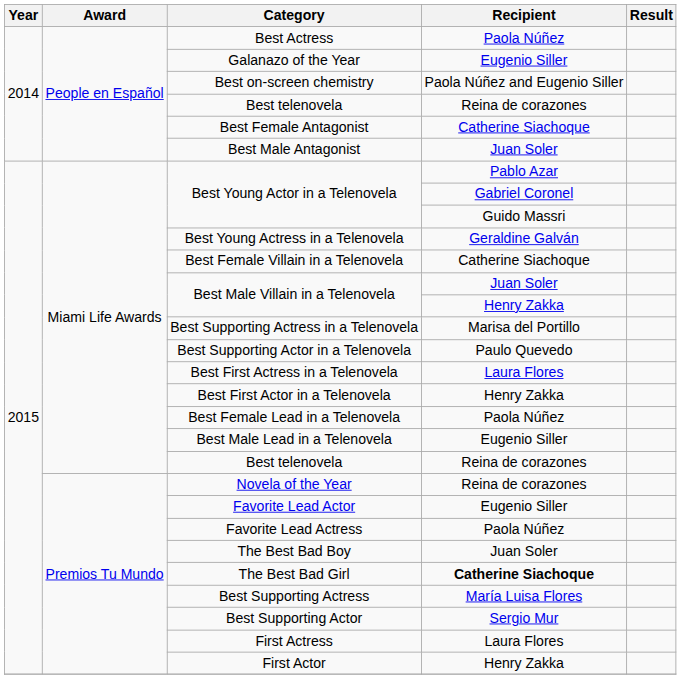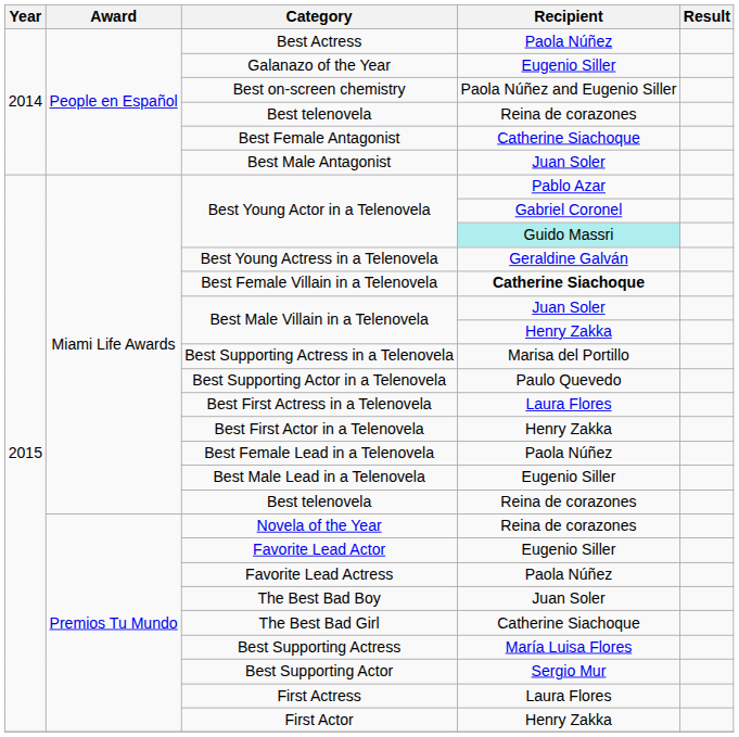 <table class="wikitable plainrowheaders" style="text-align:center;">
 <tr>
 <th scope="col">Year</th>
 <th scope="col">Award</th>
 <th scope="col">Category</th>
 <th scope="col">Recipient</th>
 <th scope="col">Result</th>
 </tr>
 <tr>
 <td rowspan=6>2014</td>
 <td rowspan=6><a href='#'>People en Español</a></td>
 <td>Best Actress</td>
 <td><a href='#'>Paola Núñez</a></td>
 <td></td>
 </tr>
 <tr>
 <td>Galanazo of the Year</td>
 <td><a href='#'>Eugenio Siller</a></td>
 <td></td>
 </tr>
 <tr>
 <td>Best on-screen chemistry</td>
 <td>Paola Núñez and Eugenio Siller</td>
 <td></td>
 </tr>
 <tr>
 <td>Best telenovela</td>
 <td>Reina de corazones</td>
 <td></td>
 </tr>
 <tr>
 <td>Best Female Antagonist</td>
 <td><a href='#'>Catherine Siachoque</a></td>
 <td></td>
 </tr>
 <tr>
 <td>Best Male Antagonist</td>
 <td><a href='#'>Juan Soler</a></td>
 <td></td>
 </tr>
 <tr>
 <td rowspan=23>2015</td>
 <td rowspan=14>Miami Life Awards</td>
 <td rowspan=3>Best Young Actor in a Telenovela</td>
 <td><a href='#'>Pablo Azar</a></td>
 <td></td>
 </tr>
 <tr>
 <td><a href='#'>Gabriel Coronel</a></td>
 <td></td>
 </tr>
 <tr>
-<td>Guido Massri</td>
+<td style="background: paleturquoise;">Guido Massri</td>
 <td></td>
 </tr>
 <tr>
 <td rowspan=1>Best Young Actress in a Telenovela</td>
 <td><a href='#'>Geraldine Galván</a></td>
 <td></td>
 </tr>
 <tr>
 <td rowspan=1>Best Female Villain in a Telenovela</td>
-<td>Catherine Siachoque</td>
+<td><strong>Catherine Siachoque</strong></td>
 <td></td>
 </tr>
 <tr>
 <td rowspan=2>Best Male Villain in a Telenovela</td>
 <td><a href='#'>Juan Soler</a></td>
 <td></td>
 </tr>
 <tr>
 <td><a href='#'>Henry Zakka</a></td>
 <td></td>
 </tr>
 <tr>
 <td rowspan=1>Best Supporting Actress in a Telenovela</td>
 <td>Marisa del Portillo</td>
 <td></td>
 </tr>
 <tr>
 <td rowspan=1>Best Supporting Actor in a Telenovela</td>
 <td>Paulo Quevedo</td>
 <td></td>
 </tr>
 <tr>
 <td rowspan=1>Best First Actress in a Telenovela</td>
 <td><a href='#'>Laura Flores</a></td>
 <td></td>
 </tr>
 <tr>
 <td rowspan=1>Best First Actor in a Telenovela</td>
 <td>Henry Zakka</td>
 <td></td>
 </tr>
 <tr>
 <td rowspan=1>Best Female Lead in a Telenovela</td>
 <td>Paola Núñez</td>
 <td></td>
 </tr>
 <tr>
 <td rowspan=1>Best Male Lead in a Telenovela</td>
 <td>Eugenio Siller</td>
 <td></td>
 </tr>
 <tr>
 <td rowspan=1>Best telenovela</td>
 <td>Reina de corazones</td>
 <td></td>
 </tr>
 <tr>
 <td rowspan=9><a href='#'>Premios Tu Mundo</a></td>
 <td rowspan=1><a href='#'>Novela of the Year</a></td>
 <td>Reina de corazones</td>
 <td></td>
 </tr>
 <tr>
 <td rowspan=1><a href='#'>Favorite Lead Actor</a></td>
 <td>Eugenio Siller</td>
 <td></td>
 </tr>
 <tr>
 <td rowspan=1>Favorite Lead Actress</td>
 <td>Paola Núñez</td>
 <td></td>
 </tr>
 <tr>
 <td rowspan=1>The Best Bad Boy</td>
 <td>Juan Soler</td>
 <td></td>
 </tr>
 <tr>
 <td rowspan=1>The Best Bad Girl</td>
-<td><strong>Catherine Siachoque</strong></td>
+<td>Catherine Siachoque</td>
 <td></td>
 </tr>
 <tr>
 <td rowspan=1>Best Supporting Actress</td>
 <td><a href='#'>María Luisa Flores</a></td>
 <td></td>
 </tr>
 <tr>
 <td rowspan=1>Best Supporting Actor</td>
 <td><a href='#'>Sergio Mur</a></td>
 <td></td>
 </tr>
 <tr>
 <td rowspan=1>First Actress</td>
 <td>Laura Flores</td>
 <td></td>
 </tr>
 <tr>
 <td rowspan=1>First Actor</td>
 <td>Henry Zakka</td>
 <td></td>
 </tr>
 <tr>
 </tr>
 </table>
